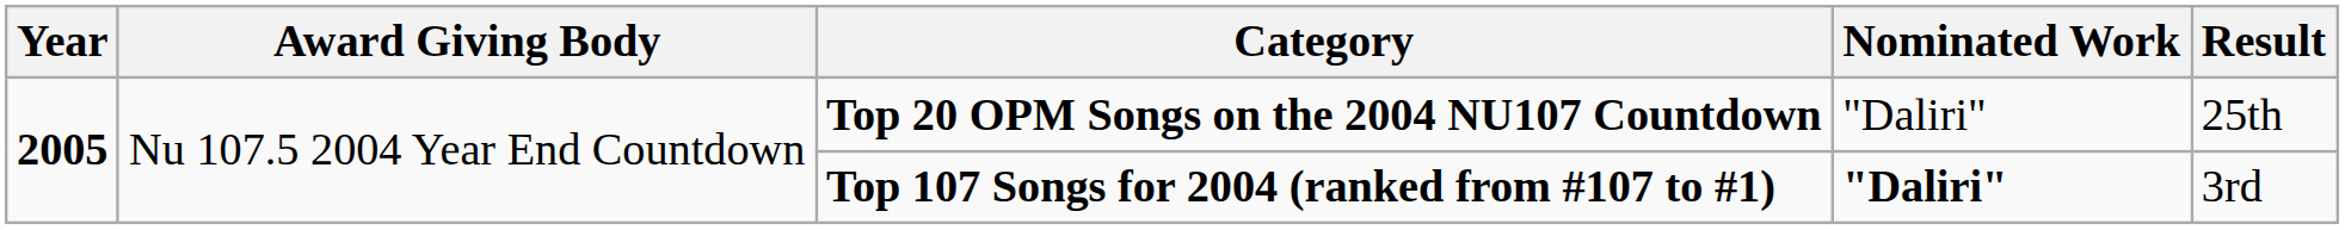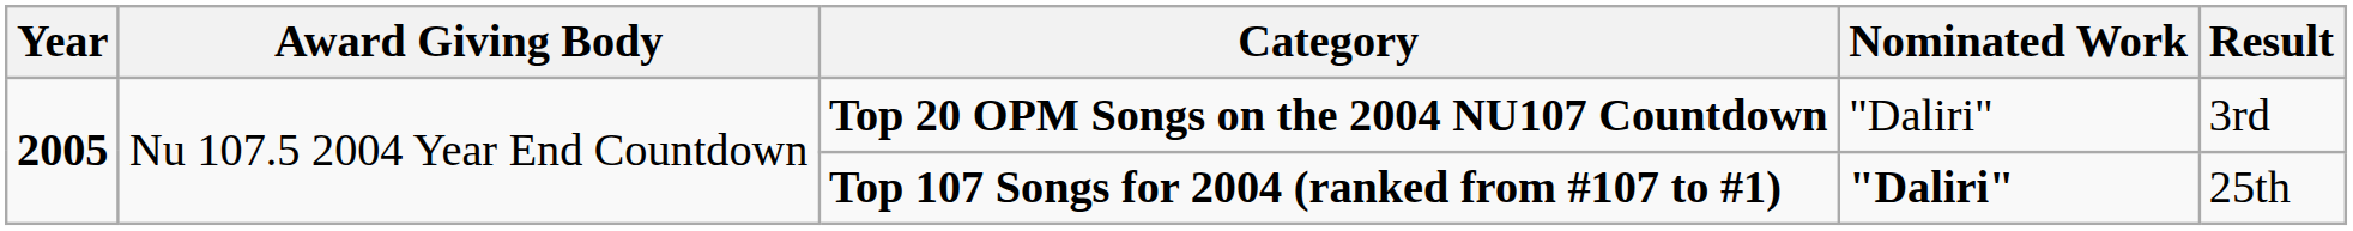 <table class="wikitable">
 <tr>
 <th>Year</th>
 <th>Award Giving Body</th>
 <th>Category</th>
 <th>Nominated Work</th>
 <th>Result</th>
 </tr>
 <tr>
 <td rowspan=2><strong>2005</strong></td>
 <td rowspan=2>Nu 107.5 2004 Year End Countdown</td>
 <td><strong>Top 20 OPM Songs on the 2004 NU107 Countdown</strong></td>
 <td>"Daliri"</td>
-<td>25th</td>
+<td>3rd</td>
 </tr>
 <tr>
 <td><strong>Top 107 Songs for 2004 (ranked from #107 to #1)</strong></td>
 <td><strong>"Daliri"</strong></td>
-<td>3rd</td>
+<td>25th</td>
 </tr>
 </table>
